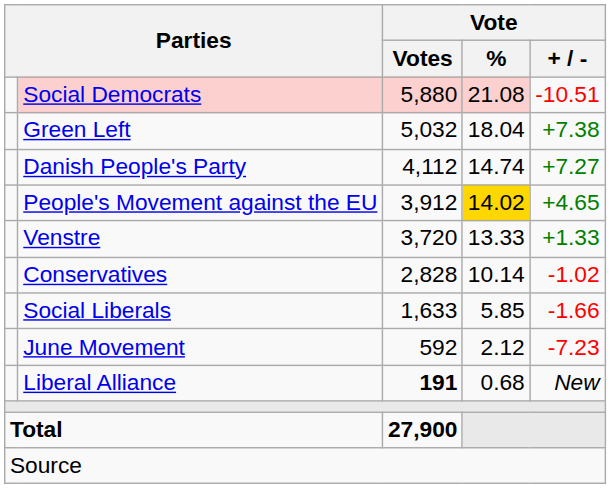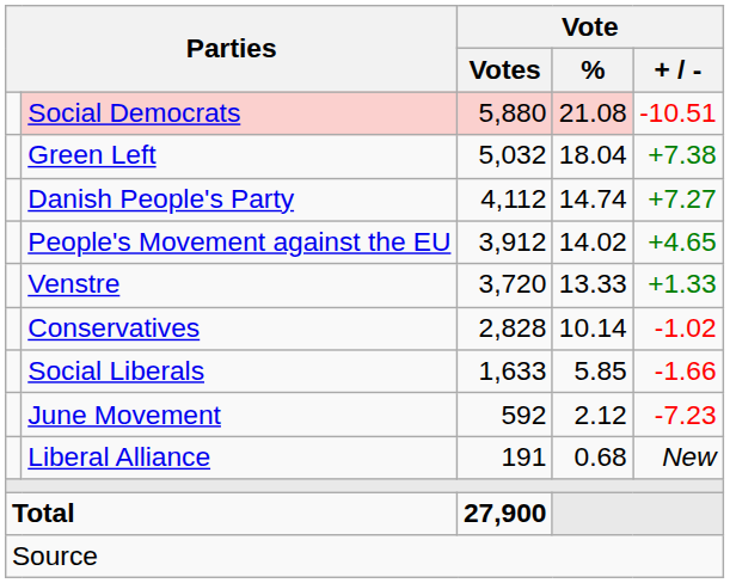 <table class="wikitable" style="text-align:right;">
 <tr>
 <th style="text-align:centre;" rowspan="2" colspan="2" width="225">Parties</th>
 <th colspan="3">Vote</th>
 </tr>
 <tr>
 <th width="15">Votes</th>
 <th width="15">%</th>
 <th width="15">+ / -</th>
 </tr>
 <tr>
 <td width="2" style="color:inherit;background:"></td>
 <td bgcolor=#fbd0ce   align="left"><a href='#'>Social Democrats</a></td>
 <td bgcolor=#fbd0ce>5,880</td>
 <td bgcolor=#fbd0ce>21.08</td>
 <td style=color:red;>-10.51</td>
 </tr>
 <tr>
 <td width="2" style="color:inherit;background:"></td>
 <td align="left"><a href='#'>Green Left</a></td>
 <td>5,032</td>
 <td>18.04</td>
 <td style=color:green;>+7.38</td>
 </tr>
 <tr>
 <td width="2" style="color:inherit;background:"></td>
 <td align="left"><a href='#'>Danish People's Party</a></td>
 <td>4,112</td>
 <td>14.74</td>
 <td style=color:green;>+7.27</td>
 </tr>
 <tr>
 <td width="2" style="color:inherit;background:"></td>
 <td align="left"><a href='#'>People's Movement against the EU</a></td>
 <td>3,912</td>
-<td style="background: gold;">14.02</td>
+<td>14.02</td>
 <td style=color:green;>+4.65</td>
 </tr>
 <tr>
 <td width="2" style="color:inherit;background:"></td>
 <td align="left"><a href='#'>Venstre</a></td>
 <td>3,720</td>
 <td>13.33</td>
 <td style=color:green;>+1.33</td>
 </tr>
 <tr>
 <td width="2" style="color:inherit;background:"></td>
 <td align="left"><a href='#'>Conservatives</a></td>
 <td>2,828</td>
 <td>10.14</td>
 <td style=color:red;>-1.02</td>
 </tr>
 <tr>
 <td width="2" style="color:inherit;background:"></td>
 <td align="left"><a href='#'>Social Liberals</a></td>
 <td>1,633</td>
 <td>5.85</td>
 <td style=color:red;>-1.66</td>
 </tr>
 <tr>
 <td width="2" style="color:inherit;background:"></td>
 <td align="left"><a href='#'>June Movement</a></td>
 <td>592</td>
 <td>2.12</td>
 <td style=color:red;>-7.23</td>
 </tr>
 <tr>
 <td width="2" style="color:inherit;background:"></td>
 <td align="left"><a href='#'>Liberal Alliance</a></td>
-<td><strong>191</strong></td>
+<td>191</td>
 <td>0.68</td>
 <td><em>New</em></td>
 </tr>
 <tr>
 <td colspan="7" bgcolor="#E9E9E9"></td>
 </tr>
 <tr>
 <td align="left" colspan="2"><strong>Total</strong></td>
 <td><strong>27,900</strong></td>
 <td bgcolor="#E9E9E9" colspan="2"></td>
 </tr>
 <tr>
 <td align="left" colspan="6">Source</td>
 </tr>
 </table>
